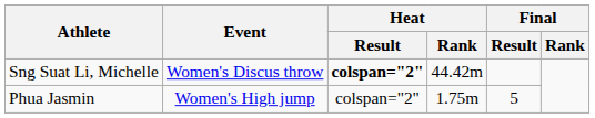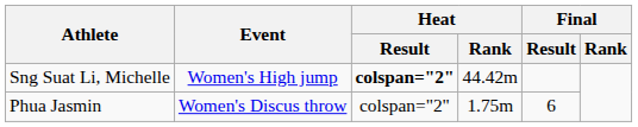 <table class="wikitable">
 <tr>
 <th rowspan="2">Athlete</th>
 <th rowspan="2">Event</th>
 <th colspan="2">Heat</th>
 <th colspan="2">Final</th>
 </tr>
 <tr>
 <th>Result</th>
 <th>Rank</th>
 <th>Result</th>
 <th>Rank</th>
 </tr>
 <tr align="center">
 <td align="left">Sng Suat Li, Michelle</td>
-<td><a href='#'>Women's Discus throw</a></td>
+<td><a href='#'>Women's High jump</a></td>
 <td><strong>colspan="2" </strong></td>
 <td>44.42m</td>
 <td></td>
 </tr>
 <tr align="center">
 <td align="left">Phua Jasmin</td>
-<td><a href='#'>Women's High jump</a></td>
+<td><a href='#'>Women's Discus throw</a></td>
 <td>colspan="2" </td>
 <td>1.75m</td>
-<td>5</td>
+<td>6</td>
 </tr>
 </table>
